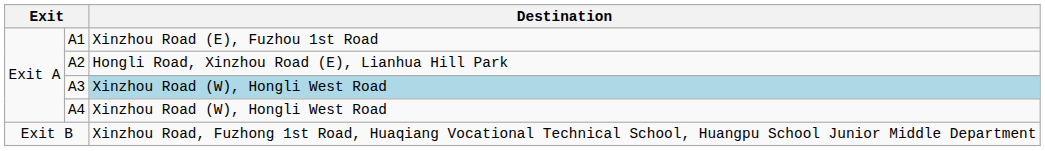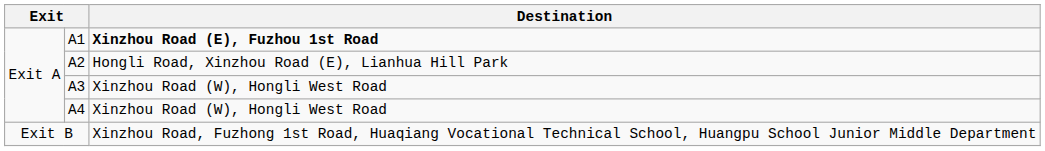 <table class="wikitable">
 <tr>
 <th style="width:70px" colspan="2">Exit</th>
 <th>Destination</th>
 </tr>
 <tr>
 <td align="center" rowspan="4">Exit A</td>
 <td>A1</td>
-<td>Xinzhou Road (E), Fuzhou 1st Road</td>
+<td><strong>Xinzhou Road (E), Fuzhou 1st Road</strong></td>
 </tr>
 <tr>
 <td>A2</td>
 <td>Hongli Road, Xinzhou Road (E), Lianhua Hill Park</td>
 </tr>
 <tr>
 <td>A3</td>
-<td style="background: lightblue;">Xinzhou Road (W), Hongli West Road</td>
+<td>Xinzhou Road (W), Hongli West Road</td>
 </tr>
 <tr>
 <td>A4</td>
 <td>Xinzhou Road (W), Hongli West Road</td>
 </tr>
 <tr>
 <td align="center" colspan="2">Exit B</td>
 <td>Xinzhou Road, Fuzhong 1st Road, Huaqiang Vocational Technical School, Huangpu School Junior Middle Department</td>
 </tr>
 </table>
